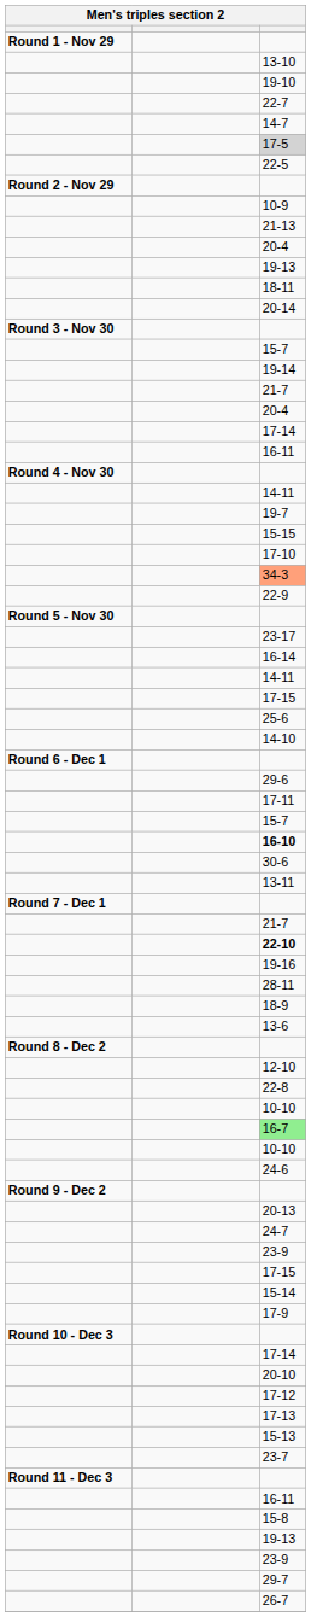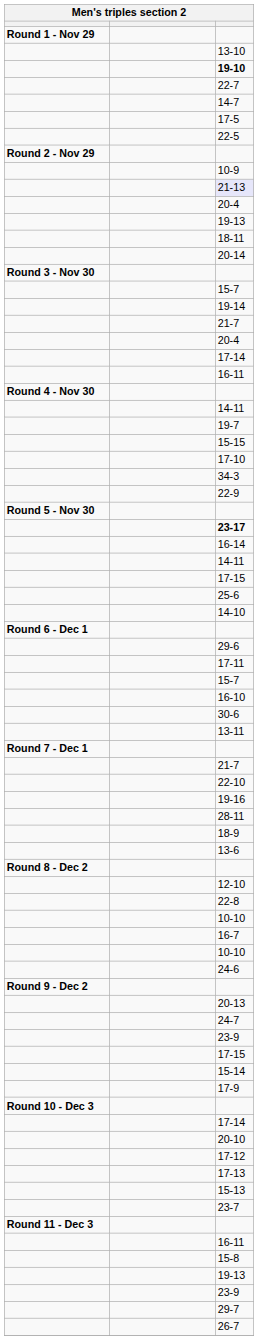 <table class="wikitable">
 <tr>
 <th colspan="3">Men's triples section 2</th>
 </tr>
 <tr>
 <th width=150></th>
 <th width=150></th>
 <th width=50></th>
 </tr>
 <tr>
 <td><strong>Round 1 - Nov 29</strong></td>
 <td></td>
 <td></td>
 </tr>
 <tr>
 <td></td>
 <td></td>
 <td>13-10</td>
 </tr>
 <tr>
 <td></td>
 <td></td>
-<td>19-10</td>
+<td><strong>19-10</strong></td>
 </tr>
 <tr>
 <td></td>
 <td></td>
 <td>22-7</td>
 </tr>
 <tr>
 <td></td>
 <td></td>
 <td>14-7</td>
 </tr>
 <tr>
 <td></td>
 <td></td>
-<td style="background: lightgrey;">17-5</td>
+<td>17-5</td>
 </tr>
 <tr>
 <td></td>
 <td></td>
 <td>22-5</td>
 </tr>
 <tr>
 <td><strong>Round 2 - Nov 29</strong></td>
 <td></td>
 <td></td>
 </tr>
 <tr>
 <td></td>
 <td></td>
 <td>10-9</td>
 </tr>
 <tr>
 <td></td>
 <td></td>
-<td>21-13</td>
+<td style="background: lavender;">21-13</td>
 </tr>
 <tr>
 <td></td>
 <td></td>
 <td>20-4</td>
 </tr>
 <tr>
 <td></td>
 <td></td>
 <td>19-13</td>
 </tr>
 <tr>
 <td></td>
 <td></td>
 <td>18-11</td>
 </tr>
 <tr>
 <td></td>
 <td></td>
 <td>20-14</td>
 </tr>
 <tr>
 <td><strong>Round 3 - Nov 30</strong></td>
 <td></td>
 <td></td>
 </tr>
 <tr>
 <td></td>
 <td></td>
 <td>15-7</td>
 </tr>
 <tr>
 <td></td>
 <td></td>
 <td>19-14</td>
 </tr>
 <tr>
 <td></td>
 <td></td>
 <td>21-7</td>
 </tr>
 <tr>
 <td></td>
 <td></td>
 <td>20-4</td>
 </tr>
 <tr>
 <td></td>
 <td></td>
 <td>17-14</td>
 </tr>
 <tr>
 <td></td>
 <td></td>
 <td>16-11</td>
 </tr>
 <tr>
 <td><strong>Round 4 - Nov 30</strong></td>
 <td></td>
 <td></td>
 </tr>
 <tr>
 <td></td>
 <td></td>
 <td>14-11</td>
 </tr>
 <tr>
 <td></td>
 <td></td>
 <td>19-7</td>
 </tr>
 <tr>
 <td></td>
 <td></td>
 <td>15-15</td>
 </tr>
 <tr>
 <td></td>
 <td></td>
 <td>17-10</td>
 </tr>
 <tr>
 <td></td>
 <td></td>
-<td style="background: lightsalmon;">34-3</td>
+<td>34-3</td>
 </tr>
 <tr>
 <td></td>
 <td></td>
 <td>22-9</td>
 </tr>
 <tr>
 <td><strong>Round 5 - Nov 30</strong></td>
 <td></td>
 <td></td>
 </tr>
 <tr>
 <td></td>
 <td></td>
-<td>23-17</td>
+<td><strong>23-17</strong></td>
 </tr>
 <tr>
 <td></td>
 <td></td>
 <td>16-14</td>
 </tr>
 <tr>
 <td></td>
 <td></td>
 <td>14-11</td>
 </tr>
 <tr>
 <td></td>
 <td></td>
 <td>17-15</td>
 </tr>
 <tr>
 <td></td>
 <td></td>
 <td>25-6</td>
 </tr>
 <tr>
 <td></td>
 <td></td>
 <td>14-10</td>
 </tr>
 <tr>
 <td><strong>Round 6  - Dec 1</strong></td>
 <td></td>
 <td></td>
 </tr>
 <tr>
 <td></td>
 <td></td>
 <td>29-6</td>
 </tr>
 <tr>
 <td></td>
 <td></td>
 <td>17-11</td>
 </tr>
 <tr>
 <td></td>
 <td></td>
 <td>15-7</td>
 </tr>
 <tr>
 <td></td>
 <td></td>
-<td><strong>16-10</strong></td>
+<td>16-10</td>
 </tr>
 <tr>
 <td></td>
 <td></td>
 <td>30-6</td>
 </tr>
 <tr>
 <td></td>
 <td></td>
 <td>13-11</td>
 </tr>
 <tr>
 <td><strong>Round 7 - Dec 1</strong></td>
 <td></td>
 <td></td>
 </tr>
 <tr>
 <td></td>
 <td></td>
 <td>21-7</td>
 </tr>
 <tr>
 <td></td>
 <td></td>
-<td><strong>22-10</strong></td>
+<td>22-10</td>
 </tr>
 <tr>
 <td></td>
 <td></td>
 <td>19-16</td>
 </tr>
 <tr>
 <td></td>
 <td></td>
 <td>28-11</td>
 </tr>
 <tr>
 <td></td>
 <td></td>
 <td>18-9</td>
 </tr>
 <tr>
 <td></td>
 <td></td>
 <td>13-6</td>
 </tr>
 <tr>
 <td><strong>Round 8 - Dec 2</strong></td>
 <td></td>
 <td></td>
 </tr>
 <tr>
 <td></td>
 <td></td>
 <td>12-10</td>
 </tr>
 <tr>
 <td></td>
 <td></td>
 <td>22-8</td>
 </tr>
 <tr>
 <td></td>
 <td></td>
 <td>10-10</td>
 </tr>
 <tr>
 <td></td>
 <td></td>
-<td style="background: lightgreen;">16-7</td>
+<td>16-7</td>
 </tr>
 <tr>
 <td></td>
 <td></td>
 <td>10-10</td>
 </tr>
 <tr>
 <td></td>
 <td></td>
 <td>24-6</td>
 </tr>
 <tr>
 <td><strong>Round 9 - Dec 2</strong></td>
 <td></td>
 <td></td>
 </tr>
 <tr>
 <td></td>
 <td></td>
 <td>20-13</td>
 </tr>
 <tr>
 <td></td>
 <td></td>
 <td>24-7</td>
 </tr>
 <tr>
 <td></td>
 <td></td>
 <td>23-9</td>
 </tr>
 <tr>
 <td></td>
 <td></td>
 <td>17-15</td>
 </tr>
 <tr>
 <td></td>
 <td></td>
 <td>15-14</td>
 </tr>
 <tr>
 <td></td>
 <td></td>
 <td>17-9</td>
 </tr>
 <tr>
 <td><strong>Round 10 - Dec 3</strong></td>
 <td></td>
 <td></td>
 </tr>
 <tr>
 <td></td>
 <td></td>
 <td>17-14</td>
 </tr>
 <tr>
 <td></td>
 <td></td>
 <td>20-10</td>
 </tr>
 <tr>
 <td></td>
 <td></td>
 <td>17-12</td>
 </tr>
 <tr>
 <td></td>
 <td></td>
 <td>17-13</td>
 </tr>
 <tr>
 <td></td>
 <td></td>
 <td>15-13</td>
 </tr>
 <tr>
 <td></td>
 <td></td>
 <td>23-7</td>
 </tr>
 <tr>
 <td><strong>Round 11 - Dec 3</strong></td>
 <td></td>
 <td></td>
 </tr>
 <tr>
 <td></td>
 <td></td>
 <td>16-11</td>
 </tr>
 <tr>
 <td></td>
 <td></td>
 <td>15-8</td>
 </tr>
 <tr>
 <td></td>
 <td></td>
 <td>19-13</td>
 </tr>
 <tr>
 <td></td>
 <td></td>
 <td>23-9</td>
 </tr>
 <tr>
 <td></td>
 <td></td>
 <td>29-7</td>
 </tr>
 <tr>
 <td></td>
 <td></td>
 <td>26-7</td>
 </tr>
 <tr>
 </tr>
 </table>
